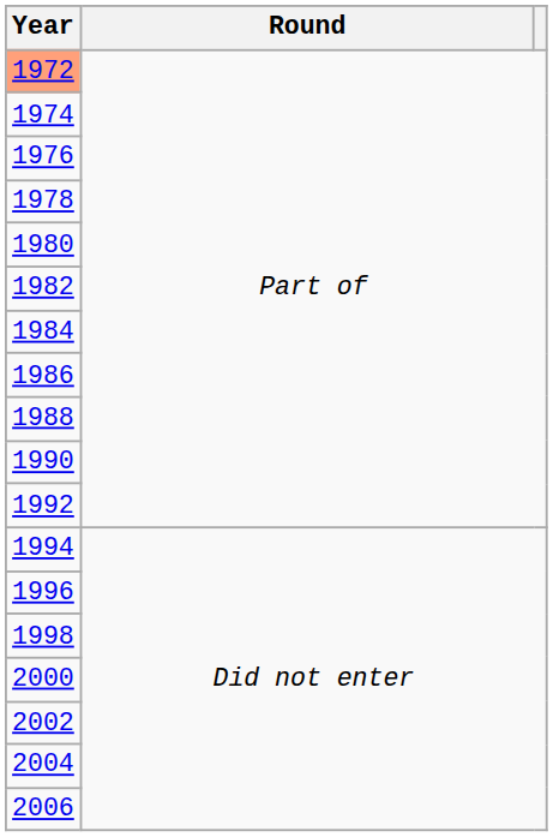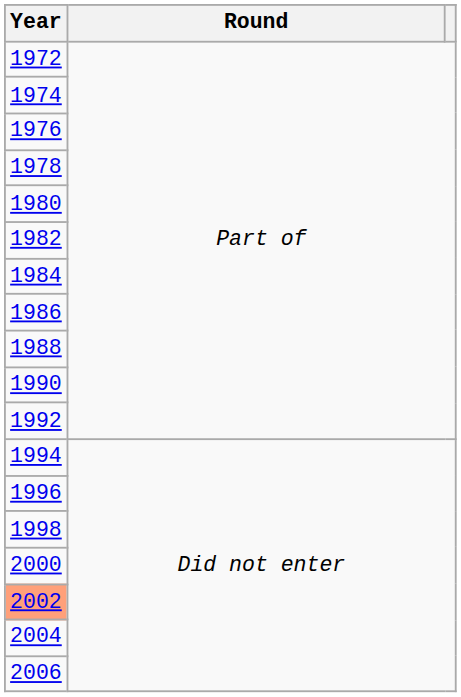 <table class="wikitable" style="text-align: center; font-size:90%">
 <tr>
 <th>Year</th>
 <th style="width:200px">Round</th>
 <th></th>
 </tr>
 <tr>
-<td style="background: lightsalmon;"><a href='#'>1972</a></td>
+<td><a href='#'>1972</a></td>
 <td colspan="2" rowspan="11"><em>Part of </em></td>
 </tr>
 <tr>
 <td><a href='#'>1974</a></td>
 </tr>
 <tr>
 <td><a href='#'>1976</a></td>
 </tr>
 <tr>
 <td><a href='#'>1978</a></td>
 </tr>
 <tr>
 <td><a href='#'>1980</a></td>
 </tr>
 <tr>
 <td><a href='#'>1982</a></td>
 </tr>
 <tr>
 <td><a href='#'>1984</a></td>
 </tr>
 <tr>
 <td><a href='#'>1986</a></td>
 </tr>
 <tr>
 <td><a href='#'>1988</a></td>
 </tr>
 <tr>
 <td><a href='#'>1990</a></td>
 </tr>
 <tr>
 <td><a href='#'>1992</a></td>
 </tr>
 <tr>
 <td><a href='#'>1994</a></td>
 <td colspan="2" rowspan="7"><em>Did not enter</em></td>
 </tr>
 <tr>
 <td><a href='#'>1996</a></td>
 </tr>
 <tr>
 <td><a href='#'>1998</a></td>
 </tr>
 <tr>
 <td><a href='#'>2000</a></td>
 </tr>
 <tr>
-<td><a href='#'>2002</a></td>
+<td style="background: lightsalmon;"><a href='#'>2002</a></td>
 </tr>
 <tr>
 <td><a href='#'>2004</a></td>
 </tr>
 <tr>
 <td><a href='#'>2006</a></td>
 </tr>
 </table>
